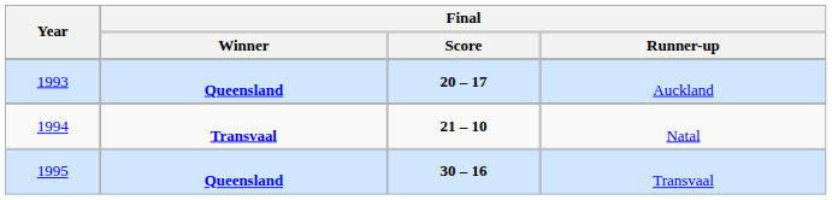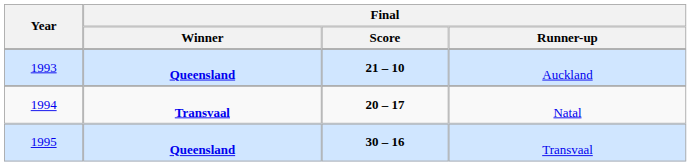 <table class="wikitable" style="font-size:90%; width: 60%; text-align: center; cellspacing:0;  border: 0; border-spacing:0; border-collapse: separate;">
 <tr>
 <th rowspan="2" width="5%">Year</th>
 <th colspan="3">Final</th>
 </tr>
 <tr>
 <th width="15%">Winner</th>
 <th width="8%">Score</th>
 <th width="15%">Runner-up</th>
 </tr>
 <tr style="background: #D0E6FF;">
 <td><a href='#'>1993</a></td>
 <td><br><strong><a href='#'>Queensland</a></strong></td>
-<td><strong>20 – 17</strong></td>
+<td><strong>21 – 10</strong></td>
 <td><br><a href='#'>Auckland</a></td>
 </tr>
 <tr>
 <td><a href='#'>1994</a></td>
 <td><br><strong><a href='#'>Transvaal</a></strong></td>
-<td><strong>21 – 10</strong></td>
+<td><strong>20 – 17</strong></td>
 <td><br><a href='#'>Natal</a></td>
 </tr>
 <tr style="background: #D0E6FF;">
 <td><a href='#'>1995</a></td>
 <td><br><strong><a href='#'>Queensland</a></strong></td>
 <td><strong>30 – 16</strong></td>
 <td><br><a href='#'>Transvaal</a></td>
 </tr>
 </table>
